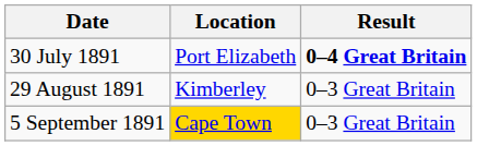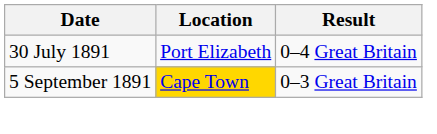 <table class="wikitable" style="align:center;">
 <tr>
 <th>Date</th>
 <th>Location</th>
 <th>Result</th>
 </tr>
 <tr>
 <td>30 July 1891</td>
 <td><a href='#'>Port Elizabeth</a></td>
-<td><strong> 0–4 <a href='#'>Great Britain</a> </strong></td>
-</tr>
-<tr>
-<td>29 August 1891</td>
-<td><a href='#'>Kimberley</a></td>
-<td> 0–3 <a href='#'>Great Britain</a> </td>
+<td> 0–4 <a href='#'>Great Britain</a> </td>
 </tr>
 <tr>
 <td>5 September 1891</td>
 <td style="background: gold;"><a href='#'>Cape Town</a></td>
 <td> 0–3 <a href='#'>Great Britain</a> </td>
 </tr>
 </table>
